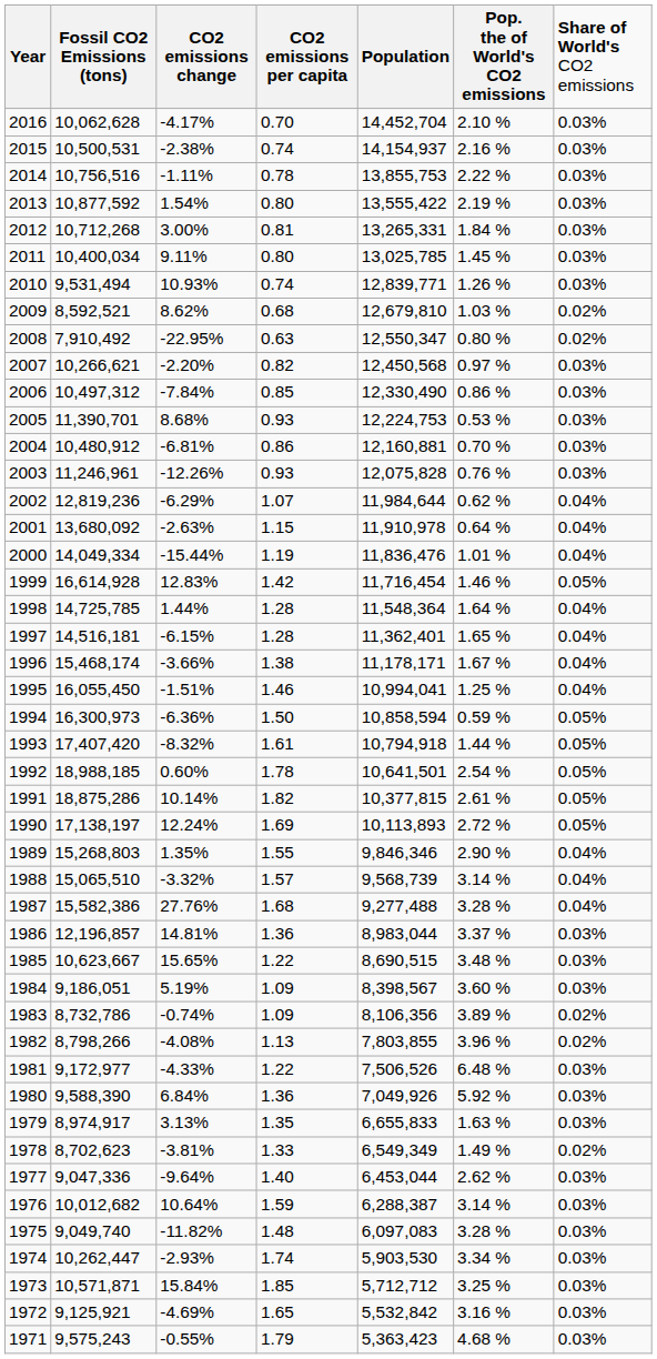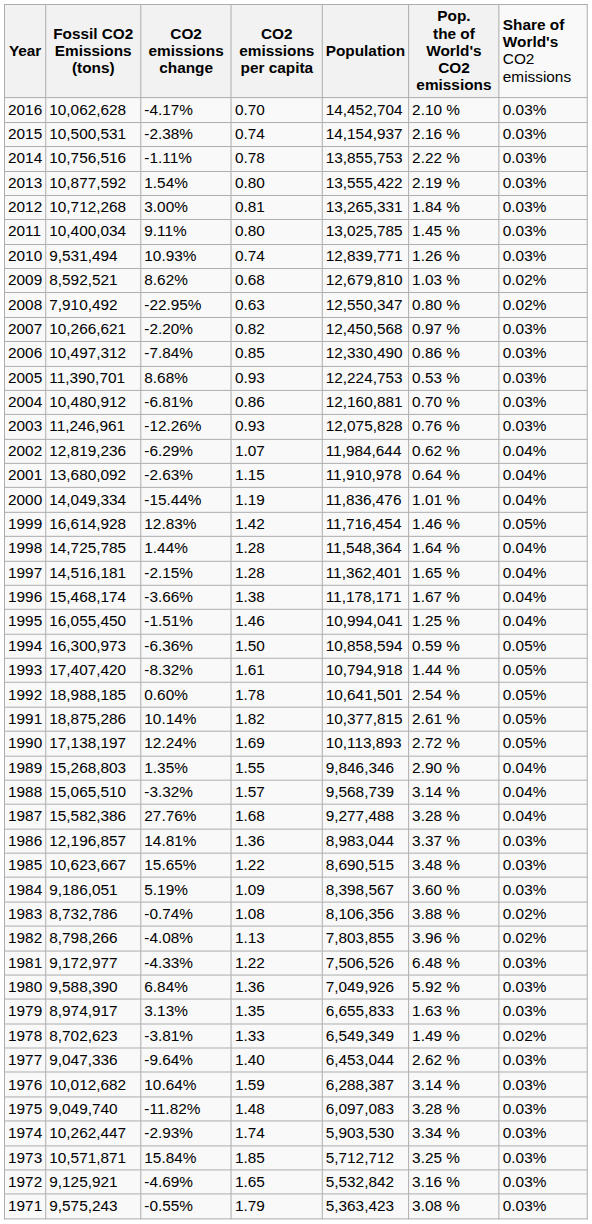 <table class="wikitable">
 <tr>
 <th>Year</th>
 <th>Fossil CO2<br>Emissions (tons)</th>
 <th>CO2 emissions<br>change</th>
 <th>CO2 emissions<br>per capita</th>
 <th>Population</th>
 <th>Pop.<br>the of World's<br>CO2 emissions</th>
 <td><strong>Share of World's</strong><br>CO2 emissions</td>
 </tr>
 <tr>
 <td>2016</td>
 <td>10,062,628</td>
 <td>-4.17%</td>
 <td>0.70</td>
 <td>14,452,704</td>
 <td>2.10 %</td>
 <td>0.03%</td>
 </tr>
 <tr>
 <td>2015</td>
 <td>10,500,531</td>
 <td>-2.38%</td>
 <td>0.74</td>
 <td>14,154,937</td>
 <td>2.16 %</td>
 <td>0.03%</td>
 </tr>
 <tr>
 <td>2014</td>
 <td>10,756,516</td>
 <td>-1.11%</td>
 <td>0.78</td>
 <td>13,855,753</td>
 <td>2.22 %</td>
 <td>0.03%</td>
 </tr>
 <tr>
 <td>2013</td>
 <td>10,877,592</td>
 <td>1.54%</td>
 <td>0.80</td>
 <td>13,555,422</td>
 <td>2.19 %</td>
 <td>0.03%</td>
 </tr>
 <tr>
 <td>2012</td>
 <td>10,712,268</td>
 <td>3.00%</td>
 <td>0.81</td>
 <td>13,265,331</td>
 <td>1.84 %</td>
 <td>0.03%</td>
 </tr>
 <tr>
 <td>2011</td>
 <td>10,400,034</td>
 <td>9.11%</td>
 <td>0.80</td>
 <td>13,025,785</td>
 <td>1.45 %</td>
 <td>0.03%</td>
 </tr>
 <tr>
 <td>2010</td>
 <td>9,531,494</td>
 <td>10.93%</td>
 <td>0.74</td>
 <td>12,839,771</td>
 <td>1.26 %</td>
 <td>0.03%</td>
 </tr>
 <tr>
 <td>2009</td>
 <td>8,592,521</td>
 <td>8.62%</td>
 <td>0.68</td>
 <td>12,679,810</td>
 <td>1.03 %</td>
 <td>0.02%</td>
 </tr>
 <tr>
 <td>2008</td>
 <td>7,910,492</td>
 <td>-22.95%</td>
 <td>0.63</td>
 <td>12,550,347</td>
 <td>0.80 %</td>
 <td>0.02%</td>
 </tr>
 <tr>
 <td>2007</td>
 <td>10,266,621</td>
 <td>-2.20%</td>
 <td>0.82</td>
 <td>12,450,568</td>
 <td>0.97 %</td>
 <td>0.03%</td>
 </tr>
 <tr>
 <td>2006</td>
 <td>10,497,312</td>
 <td>-7.84%</td>
 <td>0.85</td>
 <td>12,330,490</td>
 <td>0.86 %</td>
 <td>0.03%</td>
 </tr>
 <tr>
 <td>2005</td>
 <td>11,390,701</td>
 <td>8.68%</td>
 <td>0.93</td>
 <td>12,224,753</td>
 <td>0.53 %</td>
 <td>0.03%</td>
 </tr>
 <tr>
 <td>2004</td>
 <td>10,480,912</td>
 <td>-6.81%</td>
 <td>0.86</td>
 <td>12,160,881</td>
 <td>0.70 %</td>
 <td>0.03%</td>
 </tr>
 <tr>
 <td>2003</td>
 <td>11,246,961</td>
 <td>-12.26%</td>
 <td>0.93</td>
 <td>12,075,828</td>
 <td>0.76 %</td>
 <td>0.03%</td>
 </tr>
 <tr>
 <td>2002</td>
 <td>12,819,236</td>
 <td>-6.29%</td>
 <td>1.07</td>
 <td>11,984,644</td>
 <td>0.62 %</td>
 <td>0.04%</td>
 </tr>
 <tr>
 <td>2001</td>
 <td>13,680,092</td>
 <td>-2.63%</td>
 <td>1.15</td>
 <td>11,910,978</td>
 <td>0.64 %</td>
 <td>0.04%</td>
 </tr>
 <tr>
 <td>2000</td>
 <td>14,049,334</td>
 <td>-15.44%</td>
 <td>1.19</td>
 <td>11,836,476</td>
 <td>1.01 %</td>
 <td>0.04%</td>
 </tr>
 <tr>
 <td>1999</td>
 <td>16,614,928</td>
 <td>12.83%</td>
 <td>1.42</td>
 <td>11,716,454</td>
 <td>1.46 %</td>
 <td>0.05%</td>
 </tr>
 <tr>
 <td>1998</td>
 <td>14,725,785</td>
 <td>1.44%</td>
 <td>1.28</td>
 <td>11,548,364</td>
 <td>1.64 %</td>
 <td>0.04%</td>
 </tr>
 <tr>
 <td>1997</td>
 <td>14,516,181</td>
-<td>-6.15%</td>
+<td>-2.15%</td>
 <td>1.28</td>
 <td>11,362,401</td>
 <td>1.65 %</td>
 <td>0.04%</td>
 </tr>
 <tr>
 <td>1996</td>
 <td>15,468,174</td>
 <td>-3.66%</td>
 <td>1.38</td>
 <td>11,178,171</td>
 <td>1.67 %</td>
 <td>0.04%</td>
 </tr>
 <tr>
 <td>1995</td>
 <td>16,055,450</td>
 <td>-1.51%</td>
 <td>1.46</td>
 <td>10,994,041</td>
 <td>1.25 %</td>
 <td>0.04%</td>
 </tr>
 <tr>
 <td>1994</td>
 <td>16,300,973</td>
 <td>-6.36%</td>
 <td>1.50</td>
 <td>10,858,594</td>
 <td>0.59 %</td>
 <td>0.05%</td>
 </tr>
 <tr>
 <td>1993</td>
 <td>17,407,420</td>
 <td>-8.32%</td>
 <td>1.61</td>
 <td>10,794,918</td>
 <td>1.44 %</td>
 <td>0.05%</td>
 </tr>
 <tr>
 <td>1992</td>
 <td>18,988,185</td>
 <td>0.60%</td>
 <td>1.78</td>
 <td>10,641,501</td>
 <td>2.54 %</td>
 <td>0.05%</td>
 </tr>
 <tr>
 <td>1991</td>
 <td>18,875,286</td>
 <td>10.14%</td>
 <td>1.82</td>
 <td>10,377,815</td>
 <td>2.61 %</td>
 <td>0.05%</td>
 </tr>
 <tr>
 <td>1990</td>
 <td>17,138,197</td>
 <td>12.24%</td>
 <td>1.69</td>
 <td>10,113,893</td>
 <td>2.72 %</td>
 <td>0.05%</td>
 </tr>
 <tr>
 <td>1989</td>
 <td>15,268,803</td>
 <td>1.35%</td>
 <td>1.55</td>
 <td>9,846,346</td>
 <td>2.90 %</td>
 <td>0.04%</td>
 </tr>
 <tr>
 <td>1988</td>
 <td>15,065,510</td>
 <td>-3.32%</td>
 <td>1.57</td>
 <td>9,568,739</td>
 <td>3.14 %</td>
 <td>0.04%</td>
 </tr>
 <tr>
 <td>1987</td>
 <td>15,582,386</td>
 <td>27.76%</td>
 <td>1.68</td>
 <td>9,277,488</td>
 <td>3.28 %</td>
 <td>0.04%</td>
 </tr>
 <tr>
 <td>1986</td>
 <td>12,196,857</td>
 <td>14.81%</td>
 <td>1.36</td>
 <td>8,983,044</td>
 <td>3.37 %</td>
 <td>0.03%</td>
 </tr>
 <tr>
 <td>1985</td>
 <td>10,623,667</td>
 <td>15.65%</td>
 <td>1.22</td>
 <td>8,690,515</td>
 <td>3.48 %</td>
 <td>0.03%</td>
 </tr>
 <tr>
 <td>1984</td>
 <td>9,186,051</td>
 <td>5.19%</td>
 <td>1.09</td>
 <td>8,398,567</td>
 <td>3.60 %</td>
 <td>0.03%</td>
 </tr>
 <tr>
 <td>1983</td>
 <td>8,732,786</td>
 <td>-0.74%</td>
-<td>1.09</td>
+<td>1.08</td>
 <td>8,106,356</td>
-<td>3.89 %</td>
+<td>3.88 %</td>
 <td>0.02%</td>
 </tr>
 <tr>
 <td>1982</td>
 <td>8,798,266</td>
 <td>-4.08%</td>
 <td>1.13</td>
 <td>7,803,855</td>
 <td>3.96 %</td>
 <td>0.02%</td>
 </tr>
 <tr>
 <td>1981</td>
 <td>9,172,977</td>
 <td>-4.33%</td>
 <td>1.22</td>
 <td>7,506,526</td>
 <td>6.48 %</td>
 <td>0.03%</td>
 </tr>
 <tr>
 <td>1980</td>
 <td>9,588,390</td>
 <td>6.84%</td>
 <td>1.36</td>
 <td>7,049,926</td>
 <td>5.92 %</td>
 <td>0.03%</td>
 </tr>
 <tr>
 <td>1979</td>
 <td>8,974,917</td>
 <td>3.13%</td>
 <td>1.35</td>
 <td>6,655,833</td>
 <td>1.63 %</td>
 <td>0.03%</td>
 </tr>
 <tr>
 <td>1978</td>
 <td>8,702,623</td>
 <td>-3.81%</td>
 <td>1.33</td>
 <td>6,549,349</td>
 <td>1.49 %</td>
 <td>0.02%</td>
 </tr>
 <tr>
 <td>1977</td>
 <td>9,047,336</td>
 <td>-9.64%</td>
 <td>1.40</td>
 <td>6,453,044</td>
 <td>2.62 %</td>
 <td>0.03%</td>
 </tr>
 <tr>
 <td>1976</td>
 <td>10,012,682</td>
 <td>10.64%</td>
 <td>1.59</td>
 <td>6,288,387</td>
 <td>3.14 %</td>
 <td>0.03%</td>
 </tr>
 <tr>
 <td>1975</td>
 <td>9,049,740</td>
 <td>-11.82%</td>
 <td>1.48</td>
 <td>6,097,083</td>
 <td>3.28 %</td>
 <td>0.03%</td>
 </tr>
 <tr>
 <td>1974</td>
 <td>10,262,447</td>
 <td>-2.93%</td>
 <td>1.74</td>
 <td>5,903,530</td>
 <td>3.34 %</td>
 <td>0.03%</td>
 </tr>
 <tr>
 <td>1973</td>
 <td>10,571,871</td>
 <td>15.84%</td>
 <td>1.85</td>
 <td>5,712,712</td>
 <td>3.25 %</td>
 <td>0.03%</td>
 </tr>
 <tr>
 <td>1972</td>
 <td>9,125,921</td>
 <td>-4.69%</td>
 <td>1.65</td>
 <td>5,532,842</td>
 <td>3.16 %</td>
 <td>0.03%</td>
 </tr>
 <tr>
 <td>1971</td>
 <td>9,575,243</td>
 <td>-0.55%</td>
 <td>1.79</td>
 <td>5,363,423</td>
-<td>4.68 %</td>
+<td>3.08 %</td>
 <td>0.03%</td>
 </tr>
 </table>
